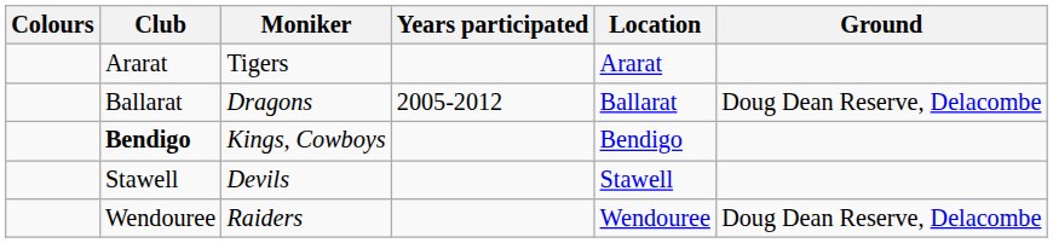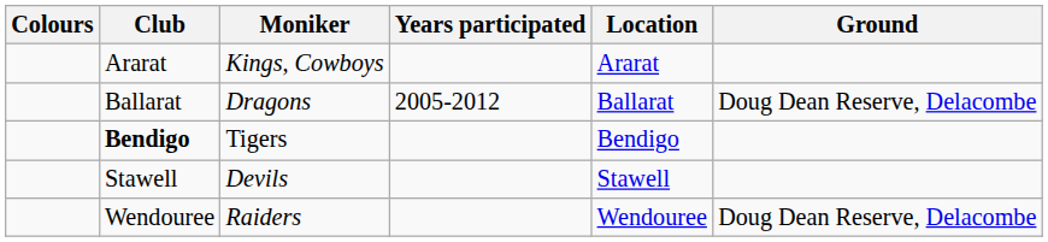 <table class="wikitable">
 <tr>
 <th>Colours</th>
 <th>Club</th>
 <th>Moniker</th>
 <th>Years participated</th>
 <th>Location</th>
 <th>Ground</th>
 </tr>
 <tr>
 <td></td>
 <td>Ararat</td>
-<td>Tigers</td>
+<td><em>Kings, Cowboys</em></td>
 <td></td>
 <td><a href='#'>Ararat</a></td>
 <td></td>
 </tr>
 <tr>
 <td></td>
 <td>Ballarat</td>
 <td><em>Dragons</em></td>
 <td>2005-2012</td>
 <td><a href='#'>Ballarat</a></td>
 <td>Doug Dean Reserve, <a href='#'>Delacombe</a></td>
 </tr>
 <tr>
 <td></td>
 <td><strong>Bendigo</strong></td>
-<td><em>Kings, Cowboys</em></td>
+<td>Tigers</td>
 <td></td>
 <td><a href='#'>Bendigo</a></td>
 <td></td>
 </tr>
 <tr>
 <td></td>
 <td>Stawell</td>
 <td><em>Devils</em></td>
 <td></td>
 <td><a href='#'>Stawell</a></td>
 <td></td>
 </tr>
 <tr>
 <td></td>
 <td>Wendouree</td>
 <td><em>Raiders</em></td>
 <td></td>
 <td><a href='#'>Wendouree</a></td>
 <td>Doug Dean Reserve, <a href='#'>Delacombe</a></td>
 </tr>
 </table>
